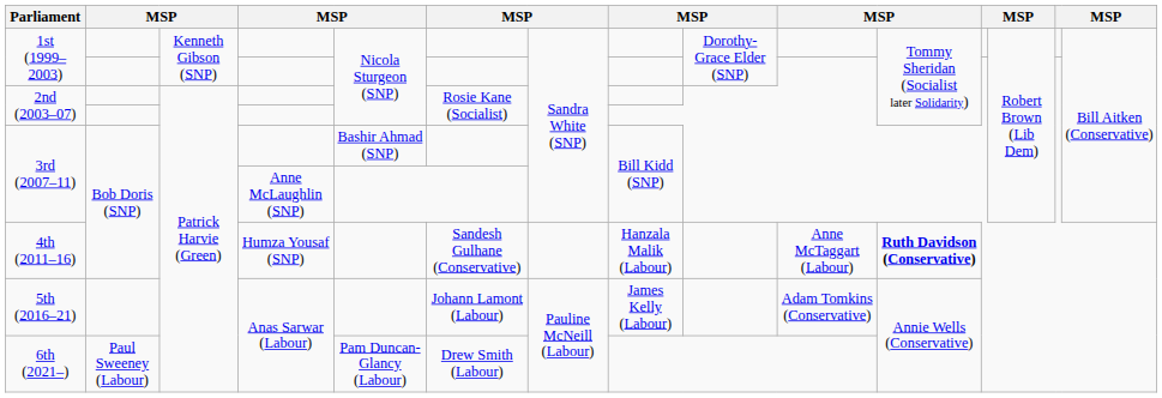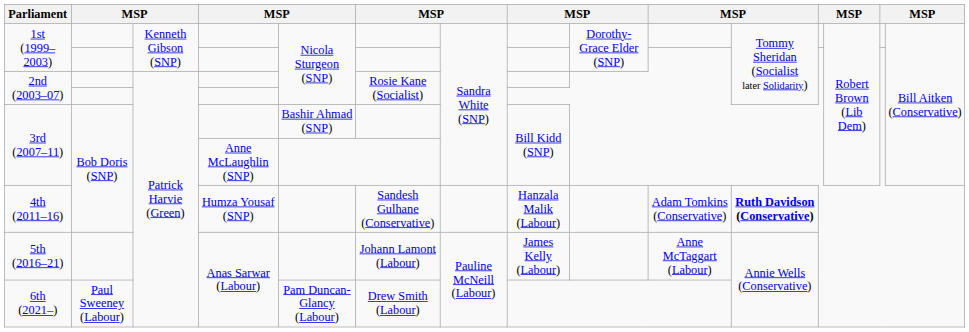 <table class="wikitable" style="text-align:center">
 <tr>
 <th>Parliament</th>
 <th colspan="2">MSP</th>
 <th colspan="2">MSP</th>
 <th colspan="2">MSP</th>
 <th colspan="2">MSP</th>
 <th colspan="2">MSP</th>
 <th colspan="2">MSP</th>
 <th colspan="2">MSP</th>
 </tr>
 <tr>
 <td rowspan="2"><a href='#'>1st</a> <br>(<a href='#'>1999–2003</a>)</td>
 <td></td>
 <td rowspan="2"><a href='#'>Kenneth Gibson</a> <br>(<a href='#'>SNP</a>)</td>
 <td></td>
 <td rowspan="4"><a href='#'>Nicola Sturgeon</a><br>(<a href='#'>SNP</a>)</td>
 <td></td>
 <td rowspan="6"><a href='#'>Sandra White</a><br>(<a href='#'>SNP</a>)</td>
 <td></td>
 <td rowspan="2"><a href='#'>Dorothy-Grace Elder</a> <br>(<a href='#'>SNP</a>)</td>
 <td></td>
 <td rowspan="4"><a href='#'>Tommy Sheridan</a><br>(<a href='#'>Socialist</a><br><small>later <a href='#'>Solidarity</a></small>)</td>
 <td></td>
 <td rowspan="6"><a href='#'>Robert Brown</a><br>(<a href='#'>Lib Dem</a>)</td>
 <td></td>
 <td rowspan="6"><a href='#'>Bill Aitken</a><br>(<a href='#'>Conservative</a>)</td>
 </tr>
 <tr>
 <td></td>
 </tr>
 <tr>
 <td rowspan="2"><a href='#'>2nd</a> <br>(<a href='#'>2003–07</a>)</td>
 <td></td>
 <td rowspan="7"><a href='#'>Patrick Harvie</a> <br>(<a href='#'>Green</a>)</td>
 <td></td>
 <td rowspan="2"><a href='#'>Rosie Kane</a><br>(<a href='#'>Socialist</a>)</td>
 <td></td>
 </tr>
 <tr>
 <td></td>
 </tr>
 <tr>
 <td rowspan="2"><a href='#'>3rd</a> <br>(<a href='#'>2007–11</a>)</td>
 <td rowspan="3"><a href='#'>Bob Doris</a><br>(<a href='#'>SNP</a>)</td>
 <td></td>
 <td><a href='#'>Bashir Ahmad</a><br>(<a href='#'>SNP</a>)</td>
 <td></td>
 <td rowspan="2"><a href='#'>Bill Kidd</a><br>(<a href='#'>SNP</a>)</td>
 </tr>
 <tr>
 <td><a href='#'>Anne McLaughlin</a><br>(<a href='#'>SNP</a>)</td>
 </tr>
 <tr>
 <td><a href='#'>4th</a> <br>(<a href='#'>2011–16</a>)</td>
 <td><a href='#'>Humza Yousaf</a><br>(<a href='#'>SNP</a>)</td>
 <td></td>
 <td><a href='#'>Sandesh Gulhane</a><br>(<a href='#'>Conservative</a>)</td>
 <td></td>
 <td><a href='#'>Hanzala Malik</a><br>(<a href='#'>Labour</a>)</td>
 <td></td>
-<td rowspan="1"><a href='#'>Anne McTaggart</a><br>(<a href='#'>Labour</a>)</td>
+<td><a href='#'>Adam Tomkins</a><br>(<a href='#'>Conservative</a>)</td>
 <td><strong><a href='#'>Ruth Davidson</a><br>(<a href='#'>Conservative</a>)</strong></td>
 </tr>
 <tr>
 <td><a href='#'>5th</a> <br>(<a href='#'>2016–21</a>)</td>
 <td></td>
 <td rowspan="2"><a href='#'>Anas Sarwar</a><br>(<a href='#'>Labour</a>)</td>
 <td></td>
 <td><a href='#'>Johann Lamont</a><br>(<a href='#'>Labour</a>)</td>
 <td rowspan="2"><a href='#'>Pauline McNeill</a><br>(<a href='#'>Labour</a>)</td>
 <td><a href='#'>James Kelly</a><br>(<a href='#'>Labour</a>)</td>
 <td></td>
-<td><a href='#'>Adam Tomkins</a><br>(<a href='#'>Conservative</a>)</td>
+<td rowspan="1"><a href='#'>Anne McTaggart</a><br>(<a href='#'>Labour</a>)</td>
 <td rowspan="2"><a href='#'>Annie Wells</a><br>(<a href='#'>Conservative</a>)</td>
 </tr>
 <tr>
 <td><a href='#'>6th</a> <br>(<a href='#'>2021–</a>)</td>
 <td><a href='#'>Paul Sweeney</a><br>(<a href='#'>Labour</a>)</td>
 <td><a href='#'>Pam Duncan-Glancy</a><br>(<a href='#'>Labour</a>)</td>
 <td rowspan="1"><a href='#'>Drew Smith</a><br>(<a href='#'>Labour</a>)</td>
 </tr>
 </table>
